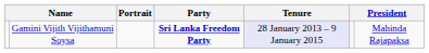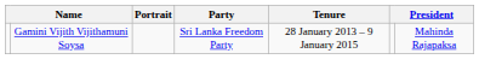 <table class="wikitable" style="margin: 1em auto; font-size:90%; text-align:center;">
 <tr>
 <th colspan="2">Name</th>
 <th>Portrait</th>
 <th>Party</th>
 <th>Tenure</th>
 <th colspan="2"><a href='#'>President</a></th>
 </tr>
 <tr>
 <td !align="centre" style="background:"></td>
 <td><a href='#'>Gamini Vijith Vijithamuni Soysa</a></td>
 <td></td>
-<td><strong><a href='#'>Sri Lanka Freedom Party</a></strong></td>
-<td style="background: lavender;">28 January 2013 – 9 January 2015</td>
+<td><a href='#'>Sri Lanka Freedom Party</a></td>
+<td>28 January 2013 – 9 January 2015</td>
 <td !align="center" style="background:"></td>
 <td><a href='#'>Mahinda Rajapaksa</a></td>
 </tr>
 </table>
